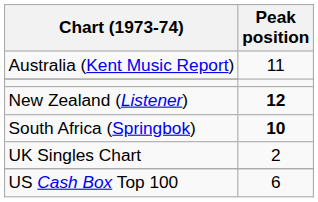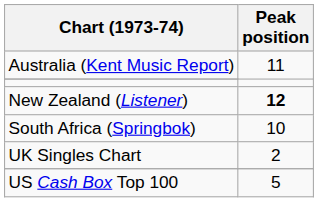 <table class="wikitable sortable">
 <tr>
 <th>Chart (1973-74)</th>
 <th>Peak<br>position</th>
 </tr>
 <tr>
 <td>Australia (<a href='#'>Kent Music Report</a>)</td>
 <td align="center">11</td>
 </tr>
 <tr>
 </tr>
 <tr>
 </tr>
 <tr>
 </tr>
 <tr>
 <td></td>
 </tr>
 <tr>
 <td>New Zealand (<em><a href='#'>Listener</a></em>)</td>
 <td style="text-align:center;"><strong>12</strong></td>
 </tr>
 <tr>
 <td>South Africa (<a href='#'>Springbok</a>)</td>
-<td align="center"><strong>10</strong></td>
+<td align="center">10</td>
 </tr>
 <tr>
 <td>UK Singles Chart</td>
 <td align="center">2</td>
 </tr>
 <tr>
 </tr>
 <tr>
 </tr>
 <tr>
 </tr>
 <tr>
 <td>US <a href='#'><em>Cash Box</em></a> Top 100</td>
-<td align="center">6</td>
+<td align="center">5</td>
 </tr>
 </table>
